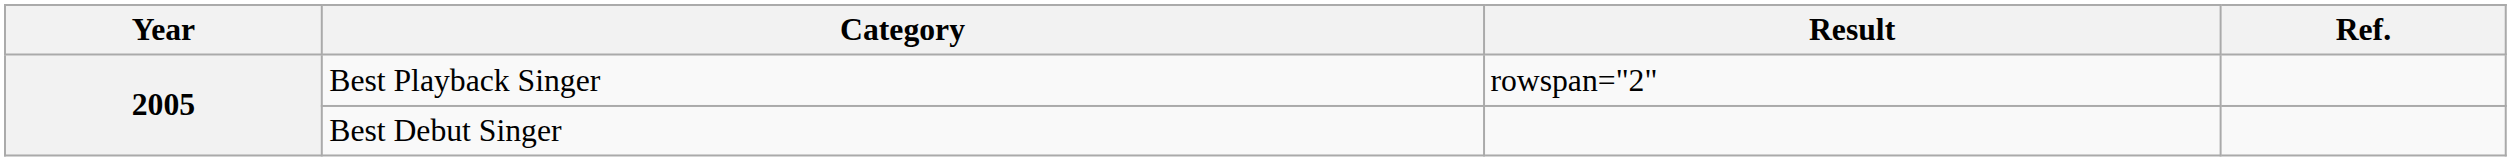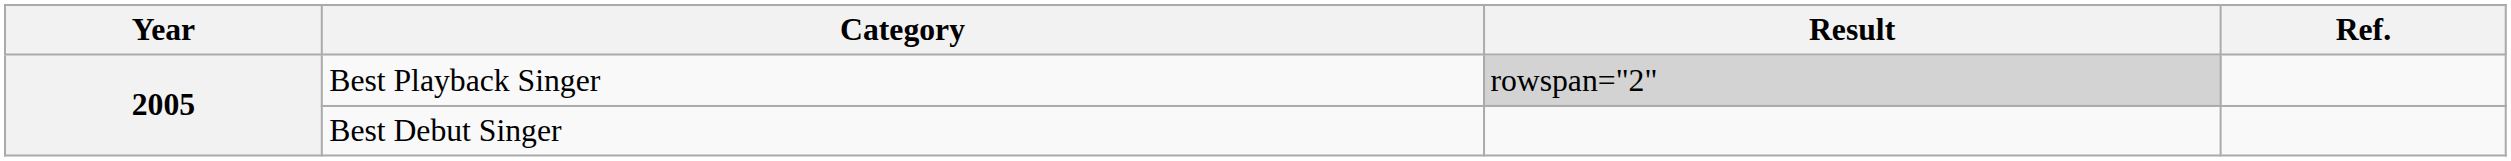 <table class="wikitable plainrowheaders" width="100%" "textcolor:#000;">
 <tr>
 <th>Year</th>
 <th>Category</th>
 <th>Result</th>
 <th>Ref.</th>
 </tr>
 <tr>
 <th rowspan="2">2005</th>
 <td>Best Playback Singer</td>
-<td>rowspan="2" </td>
+<td style="background: lightgrey;">rowspan="2" </td>
 <td></td>
 </tr>
 <tr>
 <td>Best Debut Singer</td>
 <td></td>
 </tr>
 </table>
